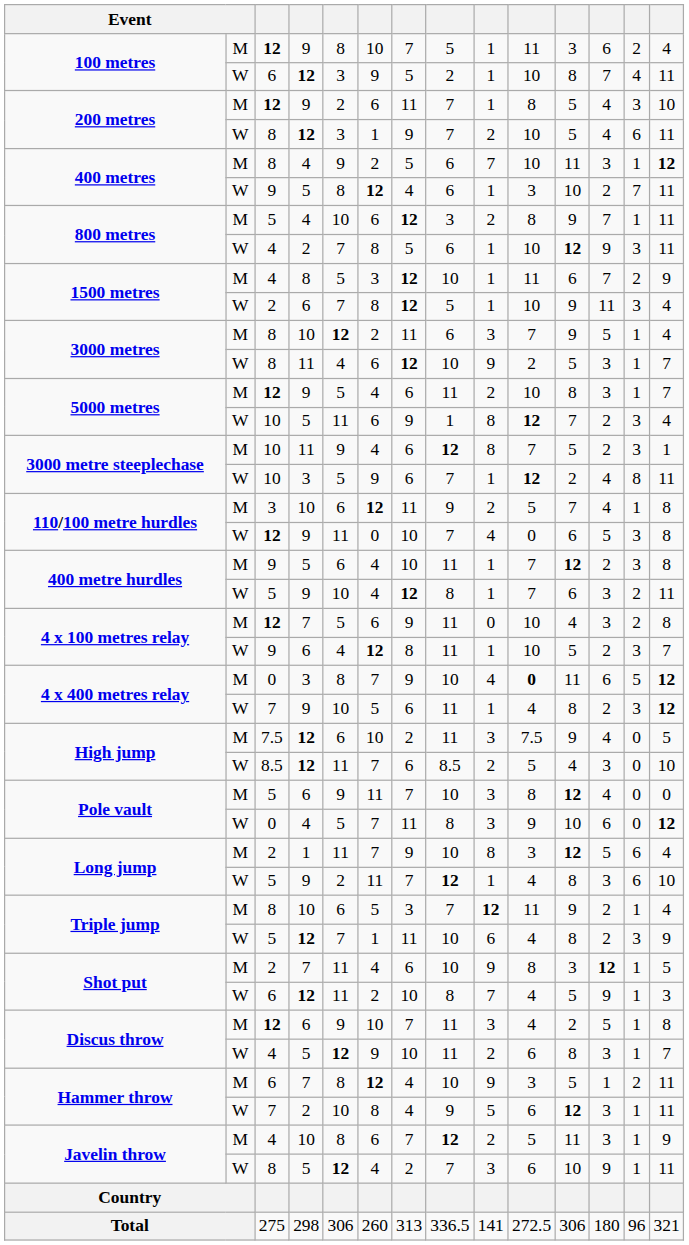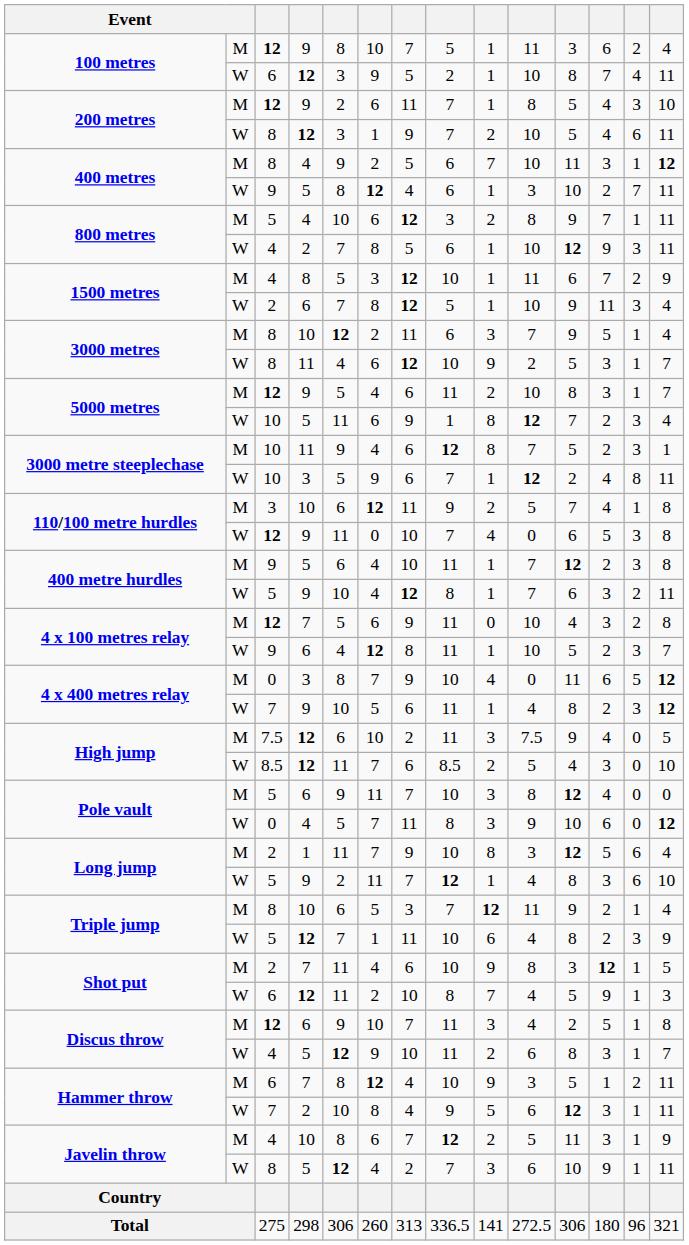 <table class="wikitable" style="background-color: #f9f9f9; font-size: 90%; text-align: center">
 <tr>
 <th width=200 colspan=2>Event</th>
 <th></th>
 <th></th>
 <th></th>
 <th></th>
 <th></th>
 <th></th>
 <th></th>
 <th></th>
 <th></th>
 <th></th>
 <th></th>
 <th></th>
 </tr>
 <tr>
 <td rowspan=2><strong><a href='#'>100 metres</a></strong></td>
 <td>M</td>
 <td><strong>12</strong></td>
 <td>9</td>
 <td>8</td>
 <td>10</td>
 <td>7</td>
 <td>5</td>
 <td>1</td>
 <td>11</td>
 <td>3</td>
 <td>6</td>
 <td>2</td>
 <td>4</td>
 </tr>
 <tr>
 <td>W</td>
 <td>6</td>
 <td><strong>12</strong></td>
 <td>3</td>
 <td>9</td>
 <td>5</td>
 <td>2</td>
 <td>1</td>
 <td>10</td>
 <td>8</td>
 <td>7</td>
 <td>4</td>
 <td>11</td>
 </tr>
 <tr>
 <td rowspan=2><strong><a href='#'>200 metres</a></strong></td>
 <td>M</td>
 <td><strong>12</strong></td>
 <td>9</td>
 <td>2</td>
 <td>6</td>
 <td>11</td>
 <td>7</td>
 <td>1</td>
 <td>8</td>
 <td>5</td>
 <td>4</td>
 <td>3</td>
 <td>10</td>
 </tr>
 <tr>
 <td>W</td>
 <td>8</td>
 <td><strong>12</strong></td>
 <td>3</td>
 <td>1</td>
 <td>9</td>
 <td>7</td>
 <td>2</td>
 <td>10</td>
 <td>5</td>
 <td>4</td>
 <td>6</td>
 <td>11</td>
 </tr>
 <tr>
 <td rowspan=2><strong><a href='#'>400 metres</a></strong></td>
 <td>M</td>
 <td>8</td>
 <td>4</td>
 <td>9</td>
 <td>2</td>
 <td>5</td>
 <td>6</td>
 <td>7</td>
 <td>10</td>
 <td>11</td>
 <td>3</td>
 <td>1</td>
 <td><strong>12</strong></td>
 </tr>
 <tr>
 <td>W</td>
 <td>9</td>
 <td>5</td>
 <td>8</td>
 <td><strong>12</strong></td>
 <td>4</td>
 <td>6</td>
 <td>1</td>
 <td>3</td>
 <td>10</td>
 <td>2</td>
 <td>7</td>
 <td>11</td>
 </tr>
 <tr>
 <td rowspan=2><strong><a href='#'>800 metres</a></strong></td>
 <td>M</td>
 <td>5</td>
 <td>4</td>
 <td>10</td>
 <td>6</td>
 <td><strong>12</strong></td>
 <td>3</td>
 <td>2</td>
 <td>8</td>
 <td>9</td>
 <td>7</td>
 <td>1</td>
 <td>11</td>
 </tr>
 <tr>
 <td>W</td>
 <td>4</td>
 <td>2</td>
 <td>7</td>
 <td>8</td>
 <td>5</td>
 <td>6</td>
 <td>1</td>
 <td>10</td>
 <td><strong>12</strong></td>
 <td>9</td>
 <td>3</td>
 <td>11</td>
 </tr>
 <tr>
 <td rowspan=2><strong><a href='#'>1500 metres</a></strong></td>
 <td>M</td>
 <td>4</td>
 <td>8</td>
 <td>5</td>
 <td>3</td>
 <td><strong>12</strong></td>
 <td>10</td>
 <td>1</td>
 <td>11</td>
 <td>6</td>
 <td>7</td>
 <td>2</td>
 <td>9</td>
 </tr>
 <tr>
 <td>W</td>
 <td>2</td>
 <td>6</td>
 <td>7</td>
 <td>8</td>
 <td><strong>12</strong></td>
 <td>5</td>
 <td>1</td>
 <td>10</td>
 <td>9</td>
 <td>11</td>
 <td>3</td>
 <td>4</td>
 </tr>
 <tr>
 <td rowspan=2><strong><a href='#'>3000 metres</a></strong></td>
 <td>M</td>
 <td>8</td>
 <td>10</td>
 <td><strong>12</strong></td>
 <td>2</td>
 <td>11</td>
 <td>6</td>
 <td>3</td>
 <td>7</td>
 <td>9</td>
 <td>5</td>
 <td>1</td>
 <td>4</td>
 </tr>
 <tr>
 <td>W</td>
 <td>8</td>
 <td>11</td>
 <td>4</td>
 <td>6</td>
 <td><strong>12</strong></td>
 <td>10</td>
 <td>9</td>
 <td>2</td>
 <td>5</td>
 <td>3</td>
 <td>1</td>
 <td>7</td>
 </tr>
 <tr>
 <td rowspan=2><strong><a href='#'>5000 metres</a></strong></td>
 <td>M</td>
 <td><strong>12</strong></td>
 <td>9</td>
 <td>5</td>
 <td>4</td>
 <td>6</td>
 <td>11</td>
 <td>2</td>
 <td>10</td>
 <td>8</td>
 <td>3</td>
 <td>1</td>
 <td>7</td>
 </tr>
 <tr>
 <td>W</td>
 <td>10</td>
 <td>5</td>
 <td>11</td>
 <td>6</td>
 <td>9</td>
 <td>1</td>
 <td>8</td>
 <td><strong>12</strong></td>
 <td>7</td>
 <td>2</td>
 <td>3</td>
 <td>4</td>
 </tr>
 <tr>
 <td rowspan=2><strong><a href='#'>3000 metre steeplechase</a></strong></td>
 <td>M</td>
 <td>10</td>
 <td>11</td>
 <td>9</td>
 <td>4</td>
 <td>6</td>
 <td><strong>12</strong></td>
 <td>8</td>
 <td>7</td>
 <td>5</td>
 <td>2</td>
 <td>3</td>
 <td>1</td>
 </tr>
 <tr>
 <td>W</td>
 <td>10</td>
 <td>3</td>
 <td>5</td>
 <td>9</td>
 <td>6</td>
 <td>7</td>
 <td>1</td>
 <td><strong>12</strong></td>
 <td>2</td>
 <td>4</td>
 <td>8</td>
 <td>11</td>
 </tr>
 <tr>
 <td rowspan=2><strong><a href='#'>110</a>/<a href='#'>100 metre hurdles</a></strong></td>
 <td>M</td>
 <td>3</td>
 <td>10</td>
 <td>6</td>
 <td><strong>12</strong></td>
 <td>11</td>
 <td>9</td>
 <td>2</td>
 <td>5</td>
 <td>7</td>
 <td>4</td>
 <td>1</td>
 <td>8</td>
 </tr>
 <tr>
 <td>W</td>
 <td><strong>12</strong></td>
 <td>9</td>
 <td>11</td>
 <td>0</td>
 <td>10</td>
 <td>7</td>
 <td>4</td>
 <td>0</td>
 <td>6</td>
 <td>5</td>
 <td>3</td>
 <td>8</td>
 </tr>
 <tr>
 <td rowspan=2><strong><a href='#'>400 metre hurdles</a></strong></td>
 <td>M</td>
 <td>9</td>
 <td>5</td>
 <td>6</td>
 <td>4</td>
 <td>10</td>
 <td>11</td>
 <td>1</td>
 <td>7</td>
 <td><strong>12</strong></td>
 <td>2</td>
 <td>3</td>
 <td>8</td>
 </tr>
 <tr>
 <td>W</td>
 <td>5</td>
 <td>9</td>
 <td>10</td>
 <td>4</td>
 <td><strong>12</strong></td>
 <td>8</td>
 <td>1</td>
 <td>7</td>
 <td>6</td>
 <td>3</td>
 <td>2</td>
 <td>11</td>
 </tr>
 <tr>
 <td rowspan=2><strong><a href='#'>4 x 100 metres relay</a></strong></td>
 <td>M</td>
 <td><strong>12</strong></td>
 <td>7</td>
 <td>5</td>
 <td>6</td>
 <td>9</td>
 <td>11</td>
 <td>0</td>
 <td>10</td>
 <td>4</td>
 <td>3</td>
 <td>2</td>
 <td>8</td>
 </tr>
 <tr>
 <td>W</td>
 <td>9</td>
 <td>6</td>
 <td>4</td>
 <td><strong>12</strong></td>
 <td>8</td>
 <td>11</td>
 <td>1</td>
 <td>10</td>
 <td>5</td>
 <td>2</td>
 <td>3</td>
 <td>7</td>
 </tr>
 <tr>
 <td rowspan=2><strong><a href='#'>4 x 400 metres relay</a></strong></td>
 <td>M</td>
 <td>0</td>
 <td>3</td>
 <td>8</td>
 <td>7</td>
 <td>9</td>
 <td>10</td>
 <td>4</td>
-<td><strong>0</strong></td>
+<td>0</td>
 <td>11</td>
 <td>6</td>
 <td>5</td>
 <td><strong>12</strong></td>
 </tr>
 <tr>
 <td>W</td>
 <td>7</td>
 <td>9</td>
 <td>10</td>
 <td>5</td>
 <td>6</td>
 <td>11</td>
 <td>1</td>
 <td>4</td>
 <td>8</td>
 <td>2</td>
 <td>3</td>
 <td><strong>12</strong></td>
 </tr>
 <tr>
 <td rowspan=2><strong><a href='#'>High jump</a></strong></td>
 <td>M</td>
 <td>7.5</td>
 <td><strong>12</strong></td>
 <td>6</td>
 <td>10</td>
 <td>2</td>
 <td>11</td>
 <td>3</td>
 <td>7.5</td>
 <td>9</td>
 <td>4</td>
 <td>0</td>
 <td>5</td>
 </tr>
 <tr>
 <td>W</td>
 <td>8.5</td>
 <td><strong>12</strong></td>
 <td>11</td>
 <td>7</td>
 <td>6</td>
 <td>8.5</td>
 <td>2</td>
 <td>5</td>
 <td>4</td>
 <td>3</td>
 <td>0</td>
 <td>10</td>
 </tr>
 <tr>
 <td rowspan=2><strong><a href='#'>Pole vault</a></strong></td>
 <td>M</td>
 <td>5</td>
 <td>6</td>
 <td>9</td>
 <td>11</td>
 <td>7</td>
 <td>10</td>
 <td>3</td>
 <td>8</td>
 <td><strong>12</strong></td>
 <td>4</td>
 <td>0</td>
 <td>0</td>
 </tr>
 <tr>
 <td>W</td>
 <td>0</td>
 <td>4</td>
 <td>5</td>
 <td>7</td>
 <td>11</td>
 <td>8</td>
 <td>3</td>
 <td>9</td>
 <td>10</td>
 <td>6</td>
 <td>0</td>
 <td><strong>12</strong></td>
 </tr>
 <tr>
 <td rowspan=2><strong><a href='#'>Long jump</a></strong></td>
 <td>M</td>
 <td>2</td>
 <td>1</td>
 <td>11</td>
 <td>7</td>
 <td>9</td>
 <td>10</td>
 <td>8</td>
 <td>3</td>
 <td><strong>12</strong></td>
 <td>5</td>
 <td>6</td>
 <td>4</td>
 </tr>
 <tr>
 <td>W</td>
 <td>5</td>
 <td>9</td>
 <td>2</td>
 <td>11</td>
 <td>7</td>
 <td><strong>12</strong></td>
 <td>1</td>
 <td>4</td>
 <td>8</td>
 <td>3</td>
 <td>6</td>
 <td>10</td>
 </tr>
 <tr>
 <td rowspan=2><strong><a href='#'>Triple jump</a></strong></td>
 <td>M</td>
 <td>8</td>
 <td>10</td>
 <td>6</td>
 <td>5</td>
 <td>3</td>
 <td>7</td>
 <td><strong>12</strong></td>
 <td>11</td>
 <td>9</td>
 <td>2</td>
 <td>1</td>
 <td>4</td>
 </tr>
 <tr>
 <td>W</td>
 <td>5</td>
 <td><strong>12</strong></td>
 <td>7</td>
 <td>1</td>
 <td>11</td>
 <td>10</td>
 <td>6</td>
 <td>4</td>
 <td>8</td>
 <td>2</td>
 <td>3</td>
 <td>9</td>
 </tr>
 <tr>
 <td rowspan=2><strong><a href='#'>Shot put</a></strong></td>
 <td>M</td>
 <td>2</td>
 <td>7</td>
 <td>11</td>
 <td>4</td>
 <td>6</td>
 <td>10</td>
 <td>9</td>
 <td>8</td>
 <td>3</td>
 <td><strong>12</strong></td>
 <td>1</td>
 <td>5</td>
 </tr>
 <tr>
 <td>W</td>
 <td>6</td>
 <td><strong>12</strong></td>
 <td>11</td>
 <td>2</td>
 <td>10</td>
 <td>8</td>
 <td>7</td>
 <td>4</td>
 <td>5</td>
 <td>9</td>
 <td>1</td>
 <td>3</td>
 </tr>
 <tr>
 <td rowspan=2><strong><a href='#'>Discus throw</a></strong></td>
 <td>M</td>
 <td><strong>12</strong></td>
 <td>6</td>
 <td>9</td>
 <td>10</td>
 <td>7</td>
 <td>11</td>
 <td>3</td>
 <td>4</td>
 <td>2</td>
 <td>5</td>
 <td>1</td>
 <td>8</td>
 </tr>
 <tr>
 <td>W</td>
 <td>4</td>
 <td>5</td>
 <td><strong>12</strong></td>
 <td>9</td>
 <td>10</td>
 <td>11</td>
 <td>2</td>
 <td>6</td>
 <td>8</td>
 <td>3</td>
 <td>1</td>
 <td>7</td>
 </tr>
 <tr>
 <td rowspan=2><strong><a href='#'>Hammer throw</a></strong></td>
 <td>M</td>
 <td>6</td>
 <td>7</td>
 <td>8</td>
 <td><strong>12</strong></td>
 <td>4</td>
 <td>10</td>
 <td>9</td>
 <td>3</td>
 <td>5</td>
 <td>1</td>
 <td>2</td>
 <td>11</td>
 </tr>
 <tr>
 <td>W</td>
 <td>7</td>
 <td>2</td>
 <td>10</td>
 <td>8</td>
 <td>4</td>
 <td>9</td>
 <td>5</td>
 <td>6</td>
 <td><strong>12</strong></td>
 <td>3</td>
 <td>1</td>
 <td>11</td>
 </tr>
 <tr>
 <td rowspan=2><strong><a href='#'>Javelin throw</a></strong></td>
 <td>M</td>
 <td>4</td>
 <td>10</td>
 <td>8</td>
 <td>6</td>
 <td>7</td>
 <td><strong>12</strong></td>
 <td>2</td>
 <td>5</td>
 <td>11</td>
 <td>3</td>
 <td>1</td>
 <td>9</td>
 </tr>
 <tr>
 <td>W</td>
 <td>8</td>
 <td>5</td>
 <td><strong>12</strong></td>
 <td>4</td>
 <td>2</td>
 <td>7</td>
 <td>3</td>
 <td>6</td>
 <td>10</td>
 <td>9</td>
 <td>1</td>
 <td>11</td>
 </tr>
 <tr>
 <th colspan=2>Country</th>
 <th></th>
 <th></th>
 <th></th>
 <th></th>
 <th></th>
 <th></th>
 <th></th>
 <th></th>
 <th></th>
 <th></th>
 <th></th>
 <th></th>
 </tr>
 <tr>
 <th colspan=2>Total</th>
 <td>275</td>
 <td>298</td>
 <td>306</td>
 <td>260</td>
 <td>313</td>
 <td>336.5</td>
 <td>141</td>
 <td>272.5</td>
 <td>306</td>
 <td>180</td>
 <td>96</td>
 <td>321</td>
 </tr>
 </table>
